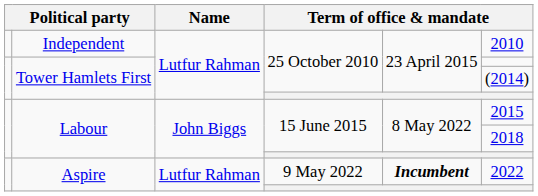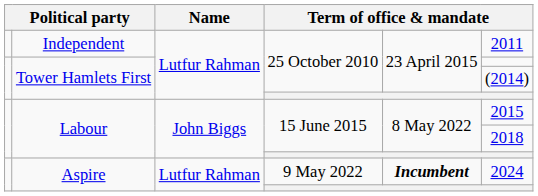 <table class="wikitable" style="text-align: center;">
 <tr>
 <th colspan=2>Political party</th>
 <th>Name</th>
 <th colspan=3>Term of office & mandate</th>
 </tr>
 <tr>
 <td style="background-color: "></td>
 <td><a href='#'>Independent</a></td>
 <td rowspan=4><a href='#'>Lutfur Rahman</a></td>
 <td rowspan=3>25 October 2010</td>
 <td rowspan=3>23 April 2015</td>
-<td><a href='#'>2010</a></td>
+<td><a href='#'>2011</a></td>
 </tr>
 <tr>
 <td rowspan=3 style="background-color: "></td>
 <td rowspan=3><a href='#'>Tower Hamlets First</a><br></td>
 <td style="height: 0.1em"></td>
 </tr>
 <tr>
 <td>(<a href='#'>2014</a>)</td>
 </tr>
 <tr>
 <th colspan=3 style="font-size:90%; font-weight:normal"></th>
 </tr>
 <tr>
 <td rowspan=3 style="background-color: "></td>
 <td rowspan=3><a href='#'>Labour</a></td>
 <td rowspan=3><a href='#'>John Biggs</a></td>
 <td rowspan=2>15 June 2015</td>
 <td rowspan=2>8 May 2022</td>
 <td><a href='#'>2015</a></td>
 </tr>
 <tr>
 <td><a href='#'>2018</a></td>
 </tr>
 <tr>
 <th colspan=3 style="font-size:90%; font-weight:normal"></th>
 </tr>
 <tr>
 <td rowspan=2 style="background-color: "></td>
 <td rowspan=2><a href='#'>Aspire</a></td>
 <td rowspan=2><a href='#'>Lutfur Rahman</a></td>
 <td rowspan=1>9 May 2022</td>
 <td rowspan=1><strong><em>Incumbent</em></strong></td>
-<td><a href='#'>2022</a></td>
+<td><a href='#'>2024</a></td>
 </tr>
 <tr>
 <th colspan=3 style="font-size:90%; font-weight:normal"></th>
 </tr>
 </table>
